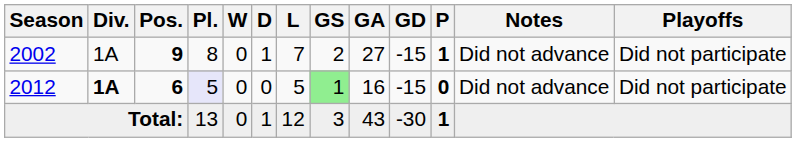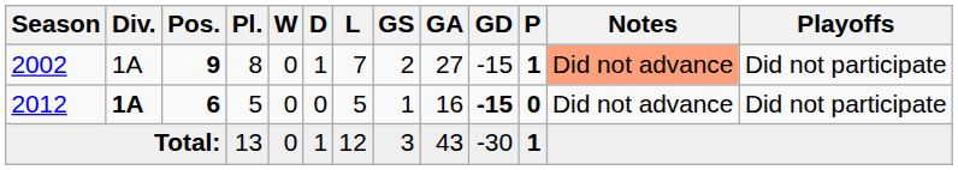 <table class="wikitable">
 <tr style="background:#efefef;">
 <th>Season</th>
 <th>Div.</th>
 <th>Pos.</th>
 <th>Pl.</th>
 <th>W</th>
 <th>D</th>
 <th>L</th>
 <th>GS</th>
 <th>GA</th>
 <th>GD</th>
 <th>P</th>
 <th>Notes</th>
 <th>Playoffs</th>
 </tr>
 <tr>
 <td><a href='#'>2002</a></td>
 <td>1A</td>
 <td align=right><strong>9</strong></td>
 <td align=right>8</td>
 <td align=right>0</td>
 <td align=right>1</td>
 <td align=right>7</td>
 <td align=right>2</td>
 <td align=right>27</td>
 <td align=right>-15</td>
 <td align=right><strong>1</strong></td>
-<td>Did not advance</td>
+<td style="background: lightsalmon;">Did not advance</td>
 <td>Did not participate</td>
 </tr>
 <tr>
 <td><a href='#'>2012</a></td>
 <td><strong>1A</strong></td>
 <td align=right><strong>6</strong></td>
-<td align=right style="background: lavender;">5</td>
+<td align=right>5</td>
 <td align=right>0</td>
 <td align=right>0</td>
 <td align=right>5</td>
-<td align=right style="background: lightgreen;">1</td>
+<td align=right>1</td>
 <td align=right>16</td>
-<td align=right>-15</td>
+<td align=right><strong>-15</strong></td>
 <td align=right><strong>0</strong></td>
 <td>Did not advance</td>
 <td>Did not participate</td>
 </tr>
 <tr style="background:#efefef">
 <td align=right colspan=3><strong>Total:</strong></td>
 <td align=right>13</td>
 <td align=right>0</td>
 <td align=right>1</td>
 <td align=right>12</td>
 <td align=right>3</td>
 <td align=right>43</td>
 <td align=right>-30</td>
 <td align=right><strong>1</strong></td>
 <td colspan=3 bgcolor=#efefef></td>
 </tr>
 </table>
